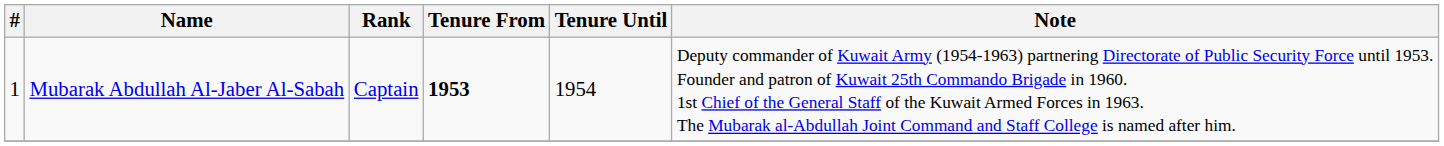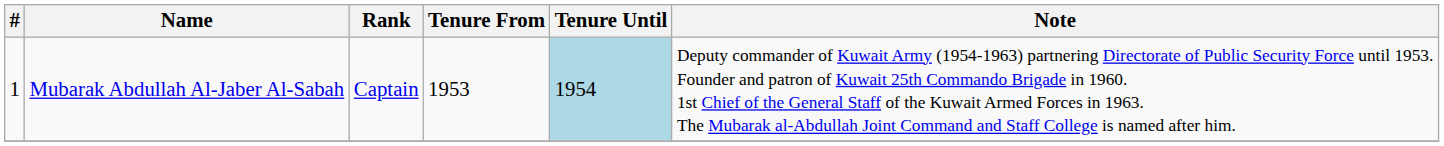 <table class="wikitable">
 <tr>
 <th>#</th>
 <th>Name</th>
 <th>Rank</th>
 <th>Tenure From</th>
 <th>Tenure Until</th>
 <th>Note</th>
 </tr>
 <tr>
 <td>1</td>
 <td><a href='#'>Mubarak Abdullah Al-Jaber Al-Sabah</a></td>
 <td><a href='#'>Captain</a></td>
-<td><strong>1953</strong></td>
-<td>1954</td>
+<td>1953</td>
+<td style="background: lightblue;">1954</td>
 <td><small>Deputy commander of <a href='#'>Kuwait Army</a> (1954-1963) partnering <a href='#'>Directorate of Public Security Force</a> until 1953.</small><br><small>Founder and patron of <a href='#'>Kuwait 25th Commando Brigade</a> in 1960.</small><br><small>1st <a href='#'>Chief of the General Staff</a> of the Kuwait Armed Forces in 1963.</small><br><small> The <a href='#'>Mubarak al-Abdullah Joint Command and Staff College</a> is named after him.</small><br></td>
 </tr>
 <tr>
 </tr>
 </table>
